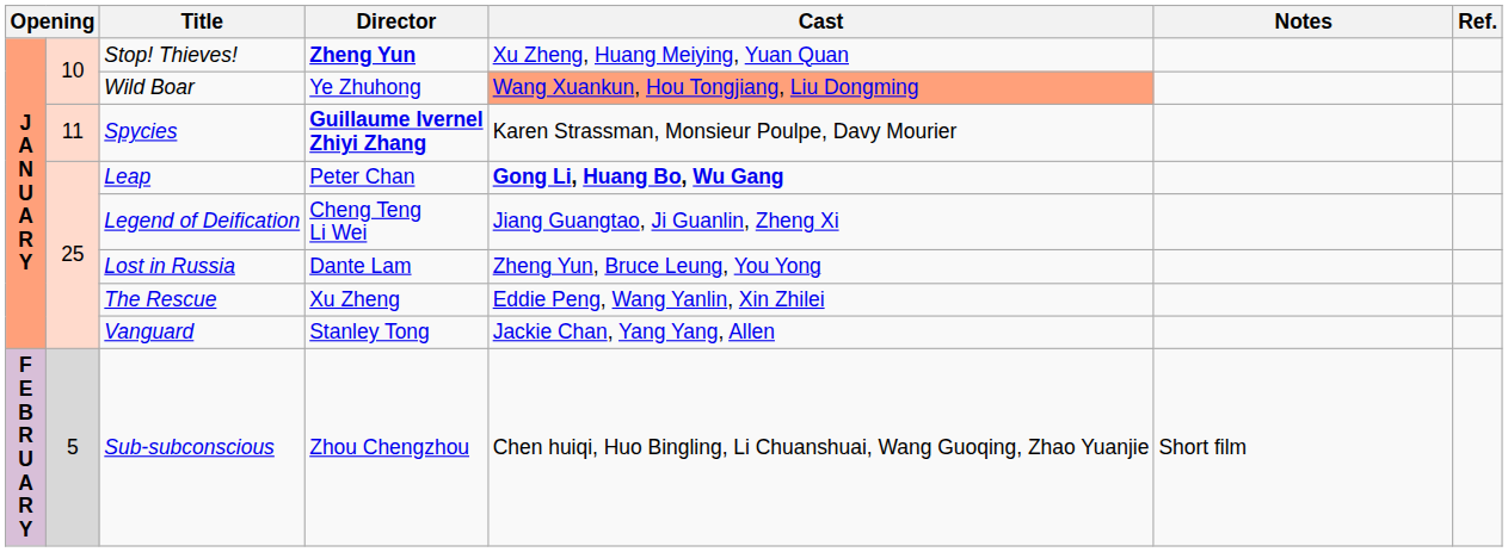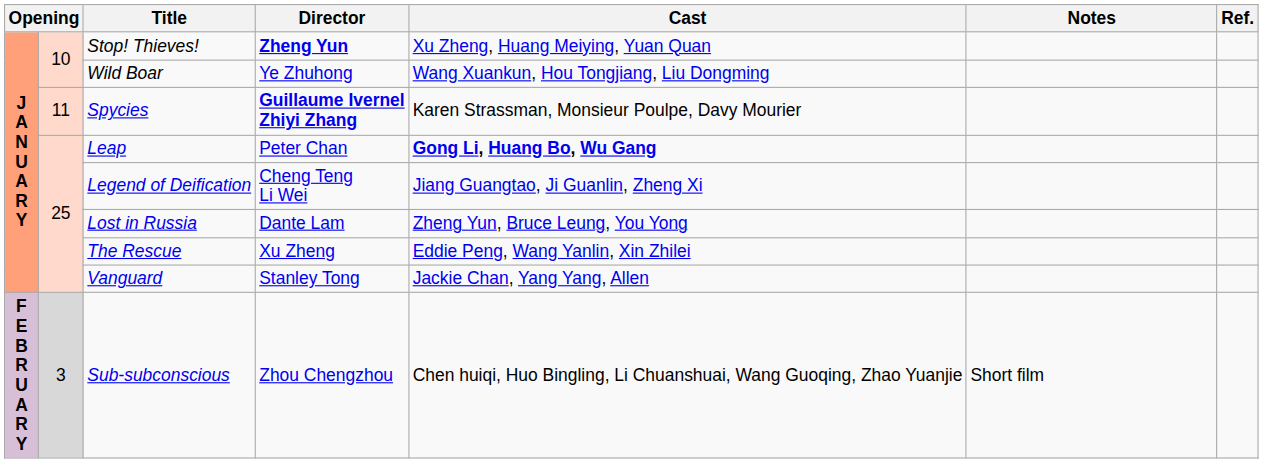 <table class="wikitable">
 <tr>
 <th colspan="2">Opening</th>
 <th>Title</th>
 <th>Director</th>
 <th>Cast</th>
 <th style="width:20%">Notes</th>
 <th>Ref.</th>
 </tr>
 <tr>
 <td rowspan=8 style="text-align:center; background:#ffa07a; textcolor:#000;"><strong>J<br>A<br>N<br>U<br>A<br>R<br>Y</strong></td>
 <td rowspan=2 style="text-align:center; background:#ffdacc; textcolor:#000;">10</td>
 <td><em>Stop! Thieves!</em></td>
 <td><strong><a href='#'>Zheng Yun</a></strong></td>
 <td><a href='#'>Xu Zheng</a>, <a href='#'>Huang Meiying</a>, <a href='#'>Yuan Quan</a></td>
 <td></td>
 <td style="text-align:center;"></td>
 </tr>
 <tr>
 <td><em>Wild Boar</em></td>
 <td><a href='#'>Ye Zhuhong</a></td>
-<td style="background: lightsalmon;"><a href='#'>Wang Xuankun</a>, <a href='#'>Hou Tongjiang</a>, <a href='#'>Liu Dongming</a></td>
+<td><a href='#'>Wang Xuankun</a>, <a href='#'>Hou Tongjiang</a>, <a href='#'>Liu Dongming</a></td>
 <td></td>
 <td style="text-align:center;"></td>
 </tr>
 <tr>
 <td rowspan=1 style="text-align:center; background:#ffdacc; textcolor:#000;">11</td>
 <td><em><a href='#'>Spycies</a></em></td>
 <td><strong><a href='#'>Guillaume Ivernel</a> <br> <a href='#'>Zhiyi Zhang</a></strong></td>
 <td>Karen Strassman, Monsieur Poulpe, Davy Mourier</td>
 <td></td>
 <td style="text-align:center;"></td>
 </tr>
 <tr>
 <td rowspan=5 style="text-align:center; background:#ffdacc; textcolor:#000;">25</td>
 <td><em><a href='#'>Leap</a></em></td>
 <td><a href='#'>Peter Chan</a></td>
 <td><strong><a href='#'>Gong Li</a>, <a href='#'>Huang Bo</a>, <a href='#'>Wu Gang</a></strong></td>
 <td></td>
 <td style="text-align:center;"></td>
 </tr>
 <tr>
 <td><em><a href='#'>Legend of Deification</a></em></td>
 <td><a href='#'>Cheng Teng</a> <br> <a href='#'>Li Wei</a></td>
 <td><a href='#'>Jiang Guangtao</a>, <a href='#'>Ji Guanlin</a>, <a href='#'>Zheng Xi</a></td>
 <td></td>
 <td style="text-align:center;"></td>
 </tr>
 <tr>
 <td><em><a href='#'>Lost in Russia</a></em></td>
 <td><a href='#'>Dante Lam</a></td>
 <td><a href='#'>Zheng Yun</a>, <a href='#'>Bruce Leung</a>, <a href='#'>You Yong</a></td>
 <td></td>
 <td style="text-align:center;"></td>
 </tr>
 <tr>
 <td><em><a href='#'>The Rescue</a></em></td>
 <td><a href='#'>Xu Zheng</a></td>
 <td><a href='#'>Eddie Peng</a>, <a href='#'>Wang Yanlin</a>, <a href='#'>Xin Zhilei</a></td>
 <td></td>
 <td style="text-align:center;"></td>
 </tr>
 <tr>
 <td><em><a href='#'>Vanguard</a></em></td>
 <td><a href='#'>Stanley Tong</a></td>
 <td><a href='#'>Jackie Chan</a>, <a href='#'>Yang Yang</a>, <a href='#'>Allen</a></td>
 <td></td>
 <td style="text-align:center;"></td>
 </tr>
 <tr>
 <th rowspan="1" style="text-align:center; background:thistle; textcolor:#000;">F<br>E<br>B<br>R<br>U<br>A<br>R<br>Y</th>
-<td rowspan="1" style="text-align:center; background:#d8d8d8; textcolor:#000;">5</td>
+<td rowspan="1" style="text-align:center; background:#d8d8d8; textcolor:#000;">3</td>
 <td><em><a href='#'>Sub-subconscious</a></em></td>
 <td><a href='#'>Zhou Chengzhou</a></td>
 <td>Chen huiqi, Huo Bingling, Li Chuanshuai, Wang Guoqing, Zhao Yuanjie</td>
 <td>Short film</td>
 <td></td>
 </tr>
 </table>
